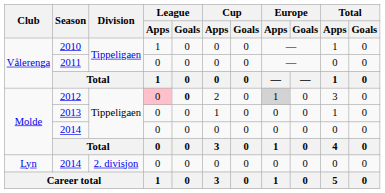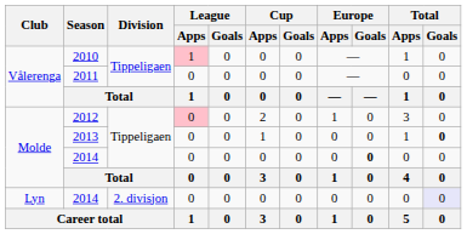 <table class="wikitable" style="text-align: center;">
 <tr>
 <th rowspan="2">Club</th>
 <th rowspan="2">Season</th>
 <th rowspan="2">Division</th>
 <th colspan="2">League</th>
 <th colspan="2">Cup</th>
 <th colspan="2">Europe</th>
 <th colspan="2">Total</th>
 </tr>
 <tr>
 <th>Apps</th>
 <th>Goals</th>
 <th>Apps</th>
 <th>Goals</th>
 <th>Apps</th>
 <th>Goals</th>
 <th>Apps</th>
 <th>Goals</th>
 </tr>
 <tr>
 <td rowspan="3" valign="center"><a href='#'>Vålerenga</a></td>
 <td><a href='#'>2010</a></td>
 <td rowspan="2" valign="center"><a href='#'>Tippeligaen</a></td>
-<td>1</td>
+<td style="background: pink;">1</td>
 <td>0</td>
 <td>0</td>
 <td>0</td>
 <td colspan="2">—</td>
 <td>1</td>
 <td>0</td>
 </tr>
 <tr>
 <td><a href='#'>2011</a></td>
 <td>0</td>
 <td>0</td>
 <td>0</td>
 <td>0</td>
 <td colspan="2">—</td>
 <td>0</td>
 <td>0</td>
 </tr>
 <tr>
 <th colspan="2">Total</th>
 <th>1</th>
 <th>0</th>
 <th>0</th>
 <th>0</th>
 <th>—</th>
 <th>—</th>
 <th>1</th>
 <th>0</th>
 </tr>
 <tr>
 <td rowspan="4" valign="center"><a href='#'>Molde</a></td>
 <td><a href='#'>2012</a></td>
 <td rowspan="3" valign="center">Tippeligaen</td>
 <td style="background: pink;">0</td>
-<td><strong>0</strong></td>
+<td>0</td>
 <td>2</td>
 <td>0</td>
-<td style="background: lightgrey;">1</td>
+<td>1</td>
 <td>0</td>
 <td>3</td>
 <td>0</td>
 </tr>
 <tr>
 <td><a href='#'>2013</a></td>
 <td>0</td>
 <td>0</td>
 <td>1</td>
 <td>0</td>
 <td>0</td>
 <td>0</td>
 <td>1</td>
-<td>0</td>
+<td><strong>0</strong></td>
 </tr>
 <tr>
 <td><a href='#'>2014</a></td>
 <td>0</td>
 <td>0</td>
 <td>0</td>
 <td>0</td>
 <td>0</td>
-<td>0</td>
+<td><strong>0</strong></td>
 <td>0</td>
 <td>0</td>
 </tr>
 <tr>
 <th colspan="2">Total</th>
 <th>0</th>
 <th>0</th>
 <th>3</th>
 <th>0</th>
 <th>1</th>
 <th>0</th>
 <th>4</th>
 <th>0</th>
 </tr>
 <tr>
 <td><a href='#'>Lyn</a></td>
 <td><a href='#'>2014</a></td>
 <td><a href='#'>2. divisjon</a></td>
 <td>0</td>
 <td>0</td>
 <td>0</td>
 <td>0</td>
 <td>0</td>
 <td>0</td>
 <td>0</td>
-<td>0</td>
+<td style="background: lavender;">0</td>
 </tr>
 <tr>
 <th colspan="3">Career total</th>
 <th>1</th>
 <th>0</th>
 <th>3</th>
 <th>0</th>
 <th>1</th>
 <th>0</th>
 <th>5</th>
 <th>0</th>
 </tr>
 </table>
